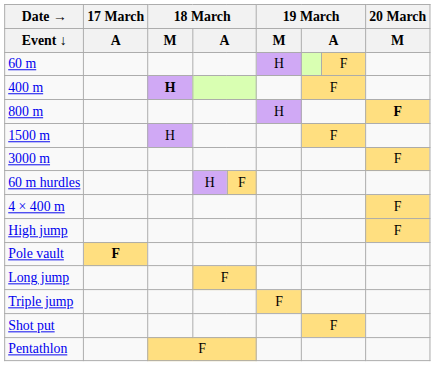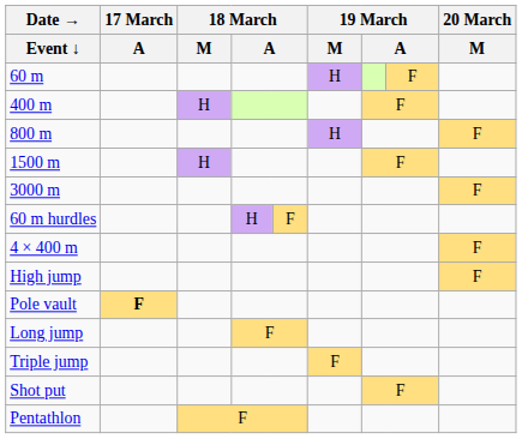 <table class="wikitable" style="margin:0.5em auto; font-size:90%; line-height:1.25em">
 <tr align="center">
 <th>Date   →</th>
 <th width="60px">17 March</th>
 <th width="40px" colspan=3>18 March</th>
 <th width="40px" colspan=3>19 March</th>
 <th width="60px">20 March</th>
 </tr>
 <tr>
 <th>Event ↓</th>
 <th width="60px">A</th>
 <th width="40px">M</th>
 <th width="60px" colspan=2>A</th>
 <th width="40px">M</th>
 <th width="60px" colspan=2>A</th>
 <th width="60px">M</th>
 </tr>
 <tr align="center">
 <td align="left"><a href='#'>60 m</a></td>
 <td></td>
 <td></td>
 <td colspan=2></td>
 <td bgcolor="#D0A9F5">H</td>
 <td bgcolor="#D9FFB2"></td>
 <td bgcolor="#FFDF80">F</td>
 <td></td>
 </tr>
 <tr align="center">
 <td align="left"><a href='#'>400 m</a></td>
 <td></td>
-<td bgcolor="#D0A9F5"><strong>H</strong></td>
+<td bgcolor="#D0A9F5">H</td>
 <td colspan=2 bgcolor="#D9FFB2"></td>
 <td></td>
 <td bgcolor="#FFDF80" colspan=2>F</td>
 <td></td>
 </tr>
 <tr align="center">
 <td align="left"><a href='#'>800 m</a></td>
 <td></td>
 <td></td>
 <td colspan=2></td>
 <td bgcolor="#D0A9F5">H</td>
 <td colspan=2></td>
-<td bgcolor="#FFDF80"><strong>F</strong></td>
+<td bgcolor="#FFDF80">F</td>
 </tr>
 <tr align="center">
 <td align="left"><a href='#'>1500 m</a></td>
 <td></td>
 <td bgcolor="#D0A9F5">H</td>
 <td colspan=2></td>
 <td></td>
 <td bgcolor="#FFDF80" colspan=2>F</td>
 <td></td>
 </tr>
 <tr align="center">
 <td align="left"><a href='#'>3000 m</a></td>
 <td></td>
 <td></td>
 <td colspan=2></td>
 <td></td>
 <td colspan=2></td>
 <td bgcolor="#FFDF80">F</td>
 </tr>
 <tr align="center">
 <td align="left"><a href='#'>60 m hurdles</a></td>
 <td></td>
 <td></td>
 <td bgcolor="#D0A9F5">H</td>
 <td bgcolor="#FFDF80">F</td>
 <td></td>
 <td colspan=2></td>
 <td></td>
 </tr>
 <tr align="center">
 <td align="left"><a href='#'>4 × 400 m</a></td>
 <td></td>
 <td></td>
 <td colspan=2></td>
 <td></td>
 <td colspan=2></td>
 <td bgcolor="#FFDF80">F</td>
 </tr>
 <tr align="center">
 <td align="left"><a href='#'>High jump</a></td>
 <td></td>
 <td></td>
 <td colspan=2></td>
 <td></td>
 <td colspan=2></td>
 <td bgcolor="#FFDF80">F</td>
 </tr>
 <tr align="center">
 <td align="left"><a href='#'>Pole vault</a></td>
 <td bgcolor="#FFDF80"><strong>F</strong></td>
 <td></td>
 <td colspan=2></td>
 <td></td>
 <td colspan=2></td>
 <td></td>
 </tr>
 <tr align="center">
 <td align="left"><a href='#'>Long jump</a></td>
 <td></td>
 <td></td>
 <td colspan=2 bgcolor="#FFDF80">F</td>
 <td></td>
 <td colspan=2></td>
 <td></td>
 </tr>
 <tr align="center">
 <td align="left"><a href='#'>Triple jump</a></td>
 <td></td>
 <td></td>
 <td colspan=2></td>
 <td bgcolor="#FFDF80">F</td>
 <td colspan=2></td>
 <td></td>
 </tr>
 <tr align="center">
 <td align="left"><a href='#'>Shot put</a></td>
 <td></td>
 <td></td>
 <td colspan=2></td>
 <td></td>
 <td bgcolor="#FFDF80" colspan=2>F</td>
 <td></td>
 </tr>
 <tr align="center">
 <td align="left"><a href='#'>Pentathlon</a></td>
 <td></td>
 <td bgcolor="#FFDF80" colspan=3>F</td>
 <td></td>
 <td colspan=2></td>
 <td></td>
 </tr>
 </table>
